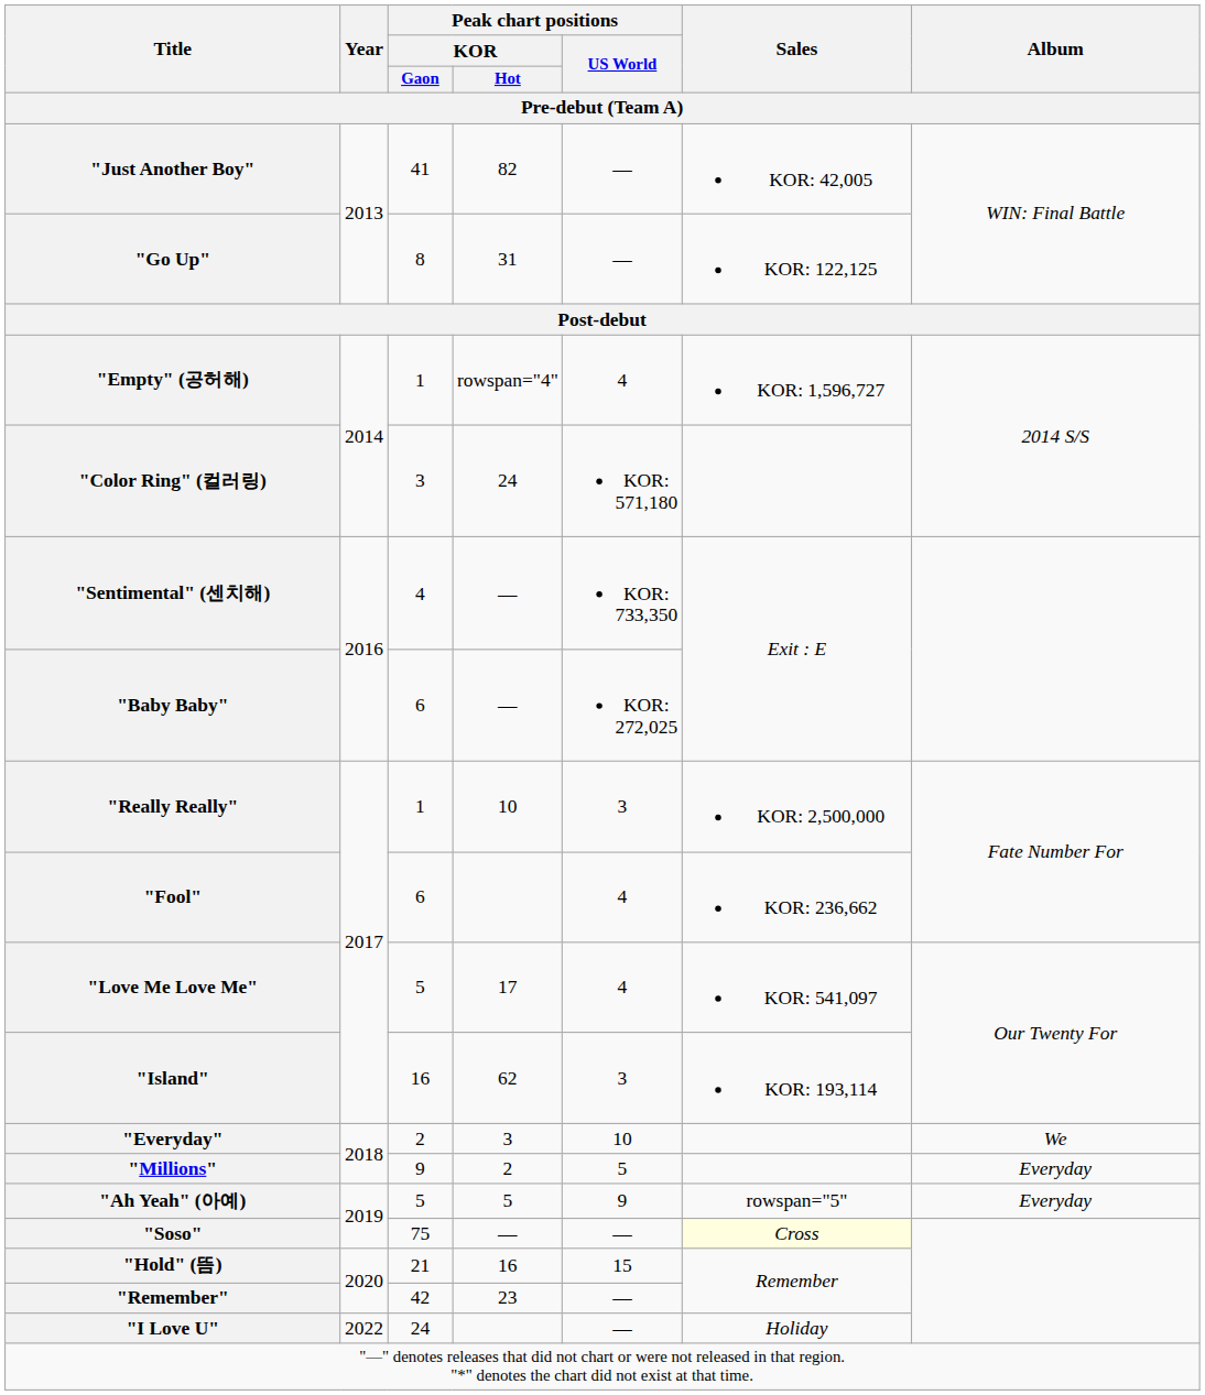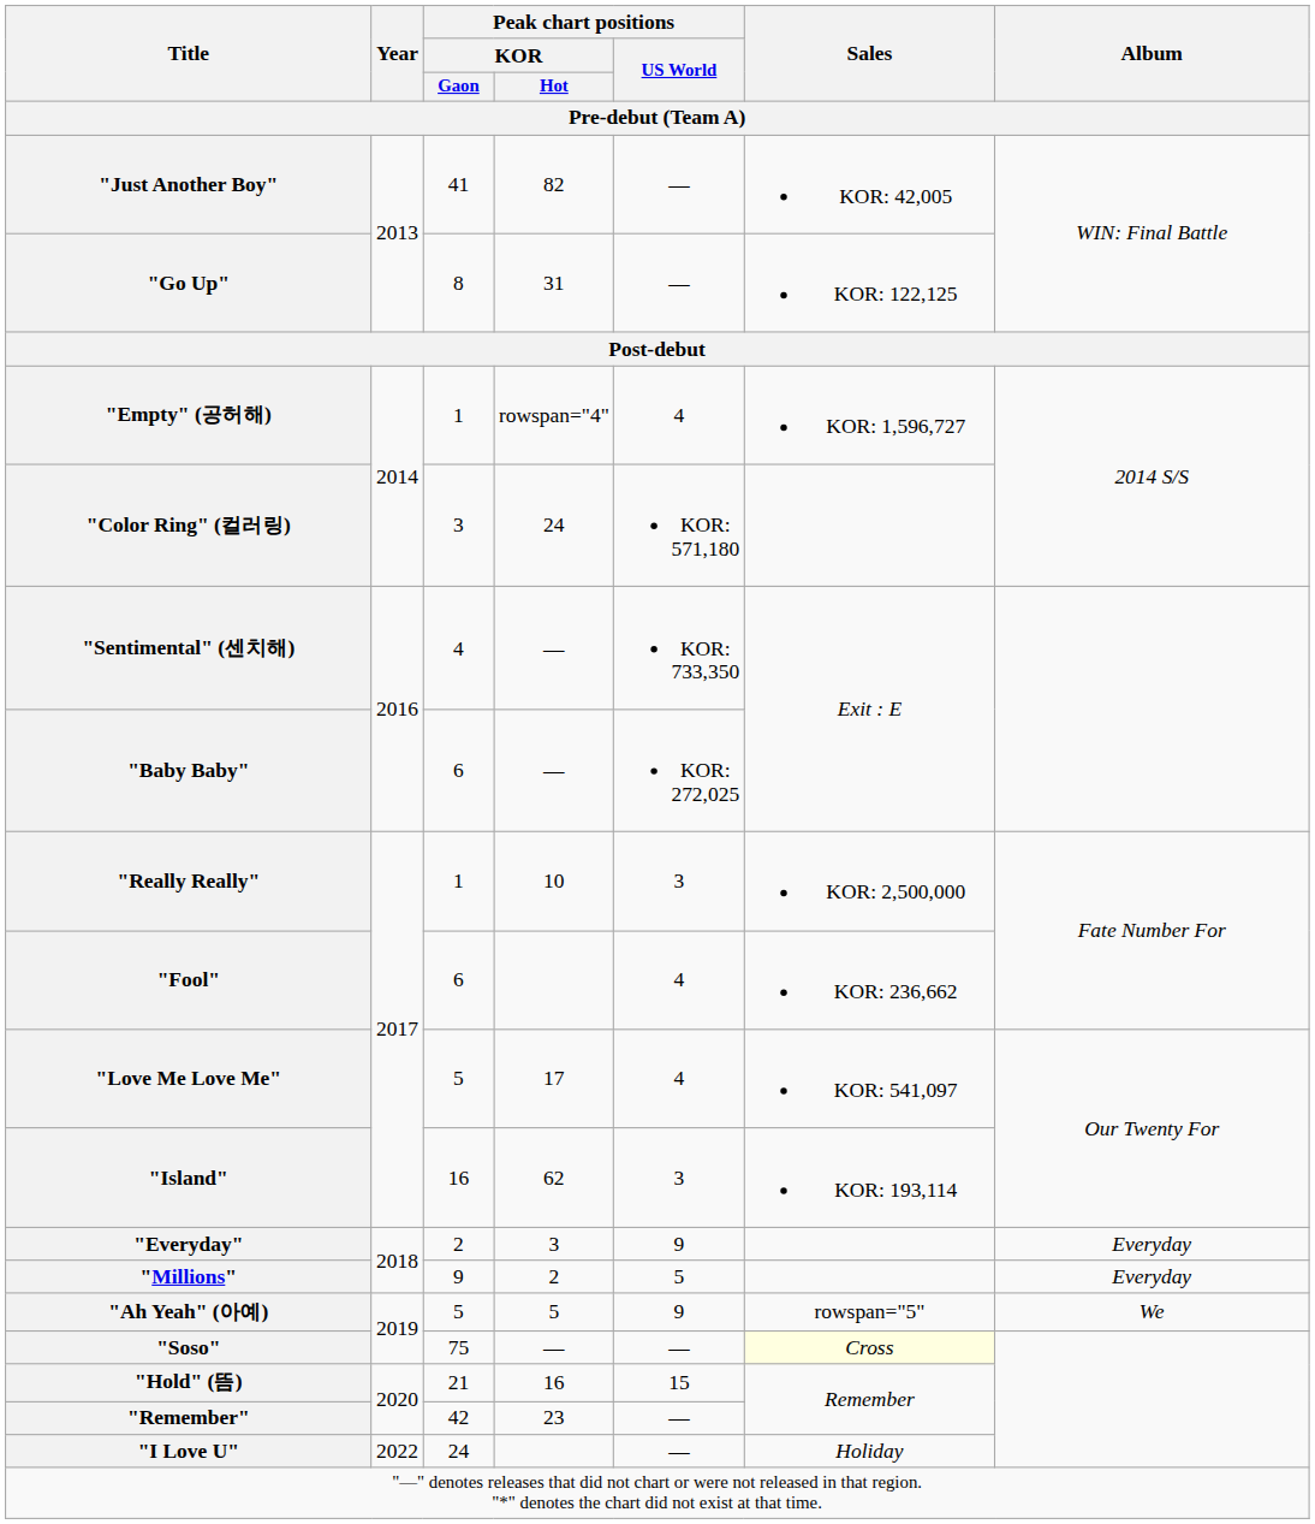 <table class="wikitable plainrowheaders" style="text-align:center;">
 <tr>
 <th rowspan="3" scope="col" style="width:17em;">Title</th>
 <th rowspan="3" scope="col">Year</th>
 <th colspan="3" scope="col">Peak chart positions</th>
 <th rowspan="3" scope="col" style="width:11.5em;">Sales</th>
 <th rowspan="3" scope="col" style="width:14.5em;">Album</th>
 </tr>
 <tr>
 <th scope="col" colspan="2">KOR</th>
 <th rowspan="2" scope="col" style="width:3.5em;font-size:85%;"><a href='#'>US World</a><br></th>
 </tr>
 <tr>
 <th scope="col" style="width:3.5em;font-size:85%;"><a href='#'>Gaon</a><br></th>
 <th scope="col" style="width:3.5em;font-size:85%;"><a href='#'>Hot</a><br></th>
 </tr>
 <tr>
 <th colspan="7">Pre-debut (Team A)</th>
 </tr>
 <tr>
 <th scope="row">"Just Another Boy"</th>
 <td rowspan="2">2013</td>
 <td>41</td>
 <td>82</td>
 <td>—</td>
 <td><br><ul><li>KOR: 42,005</li></ul></td>
 <td rowspan="2"><em>WIN: Final Battle</em></td>
 </tr>
 <tr>
 <th scope="row">"Go Up"</th>
 <td>8</td>
 <td>31</td>
 <td>—</td>
 <td><br><ul><li>KOR: 122,125</li></ul></td>
 </tr>
 <tr>
 <th colspan="7">Post-debut</th>
 </tr>
 <tr>
 <th scope="row">"Empty" (공허해)</th>
 <td rowspan="2">2014</td>
 <td>1</td>
 <td>rowspan="4" </td>
 <td>4</td>
 <td><br><ul><li>KOR: 1,596,727</li></ul></td>
 <td rowspan="2"><em>2014 S/S</em></td>
 </tr>
 <tr>
 <th scope="row">"Color Ring" (컬러링)</th>
 <td>3</td>
 <td>24</td>
 <td><br><ul><li>KOR: 571,180</li></ul></td>
 </tr>
 <tr>
 <th scope="row">"Sentimental" (센치해)</th>
 <td rowspan="2">2016</td>
 <td>4</td>
 <td>—</td>
 <td><br><ul><li>KOR: 733,350</li></ul></td>
 <td rowspan="2"><em>Exit : E</em></td>
 </tr>
 <tr>
 <th scope="row">"Baby Baby"</th>
 <td>6</td>
 <td>—</td>
 <td><br><ul><li>KOR: 272,025</li></ul></td>
 </tr>
 <tr>
 <th scope="row">"Really Really"</th>
 <td rowspan="4">2017</td>
 <td>1</td>
 <td>10</td>
 <td>3</td>
 <td><br><ul><li>KOR: 2,500,000</li></ul></td>
 <td rowspan="2"><em>Fate Number For</em></td>
 </tr>
 <tr>
 <th scope="row">"Fool"</th>
 <td>6</td>
 <td></td>
 <td>4</td>
 <td><br><ul><li>KOR: 236,662</li></ul></td>
 </tr>
 <tr>
 <th scope="row">"Love Me Love Me"</th>
 <td>5</td>
 <td>17</td>
 <td>4</td>
 <td><br><ul><li>KOR: 541,097</li></ul></td>
 <td rowspan="2"><em>Our Twenty For</em></td>
 </tr>
 <tr>
 <th scope="row">"Island"</th>
 <td>16</td>
 <td>62</td>
 <td>3</td>
 <td><br><ul><li>KOR: 193,114</li></ul></td>
 </tr>
 <tr>
 <th scope="row">"Everyday"</th>
 <td rowspan="2">2018</td>
 <td>2</td>
 <td>3</td>
-<td>10</td>
+<td>9</td>
 <td></td>
-<td><em>We</em></td>
+<td><em>Everyday</em></td>
 </tr>
 <tr>
 <th scope="row">"<a href='#'>Millions</a>"</th>
 <td>9</td>
 <td>2</td>
 <td>5</td>
 <td></td>
 <td><em>Everyday</em></td>
 </tr>
 <tr>
 <th scope="row">"Ah Yeah" (아예)</th>
 <td rowspan="2">2019</td>
 <td>5</td>
 <td>5</td>
 <td>9</td>
 <td>rowspan="5" </td>
-<td><em>Everyday</em></td>
+<td><em>We</em></td>
 </tr>
 <tr>
 <th scope="row">"Soso"</th>
 <td>75</td>
 <td>—</td>
 <td>—</td>
 <td style="background: lightyellow;"><em>Cross</em></td>
 </tr>
 <tr>
 <th scope="row">"Hold" (뜸)</th>
 <td rowspan="2">2020</td>
 <td>21</td>
 <td>16</td>
 <td>15</td>
 <td rowspan="2"><em>Remember</em></td>
 </tr>
 <tr>
 <th scope="row">"Remember"</th>
 <td>42</td>
 <td>23</td>
 <td>—</td>
 </tr>
 <tr>
 <th scope="row">"I Love U"</th>
 <td>2022</td>
 <td>24</td>
 <td></td>
 <td>—</td>
 <td><em>Holiday</em></td>
 </tr>
 <tr>
 <td colspan="7" style="font-size:85%" align="center">"—" denotes releases that did not chart or were not released in that region.<br>"*" denotes the chart did not exist at that time.</td>
 </tr>
 </table>
